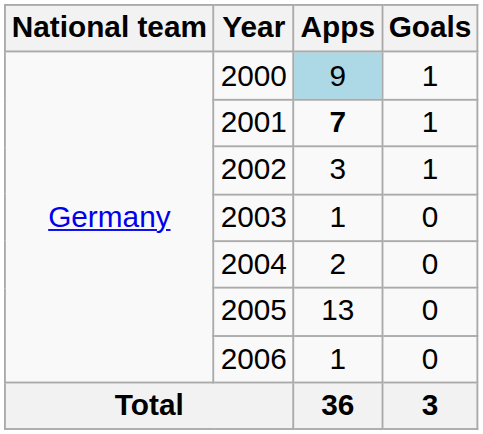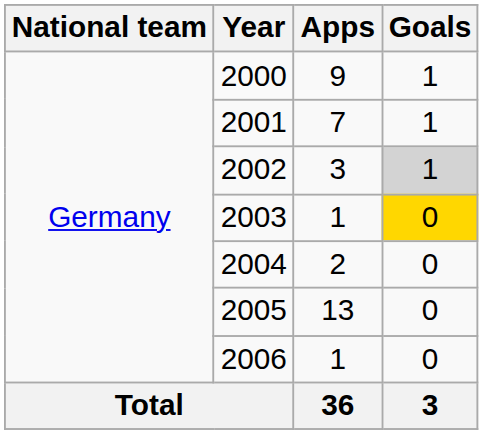 <table class="wikitable" style="text-align:center">
 <tr>
 <th>National team</th>
 <th>Year</th>
 <th>Apps</th>
 <th>Goals</th>
 </tr>
 <tr>
 <td rowspan="7"><a href='#'>Germany</a></td>
 <td>2000</td>
-<td style="background: lightblue;">9</td>
+<td>9</td>
 <td>1</td>
 </tr>
 <tr>
 <td>2001</td>
-<td><strong>7</strong></td>
+<td>7</td>
 <td>1</td>
 </tr>
 <tr>
 <td>2002</td>
 <td>3</td>
-<td>1</td>
+<td style="background: lightgrey;">1</td>
 </tr>
 <tr>
 <td>2003</td>
 <td>1</td>
-<td>0</td>
+<td style="background: gold;">0</td>
 </tr>
 <tr>
 <td>2004</td>
 <td>2</td>
 <td>0</td>
 </tr>
 <tr>
 <td>2005</td>
 <td>13</td>
 <td>0</td>
 </tr>
 <tr>
 <td>2006</td>
 <td>1</td>
 <td>0</td>
 </tr>
 <tr>
 <th colspan="2">Total</th>
 <th>36</th>
 <th>3</th>
 </tr>
 </table>
